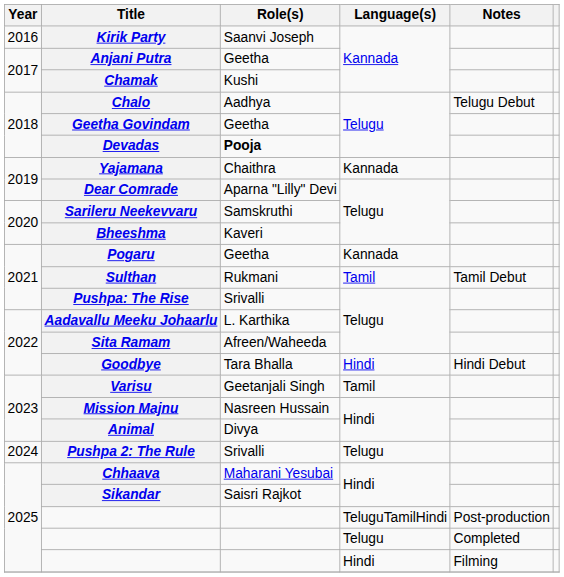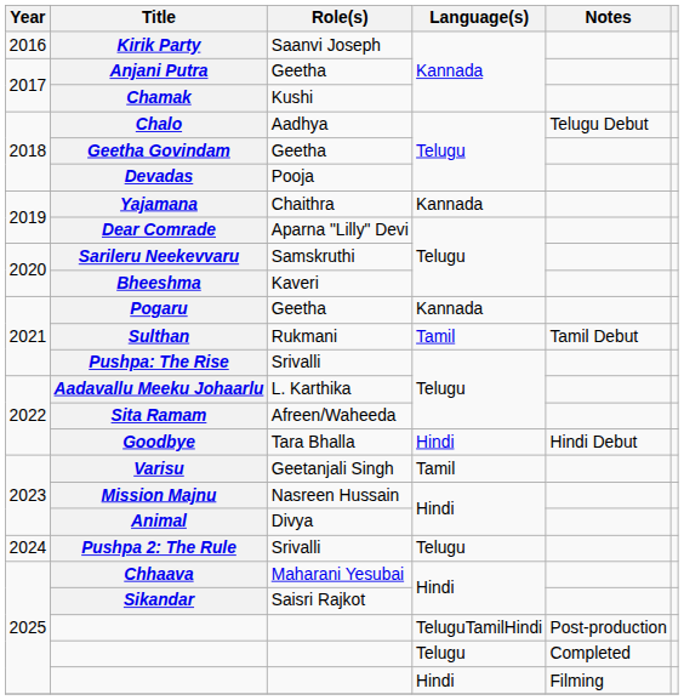 <table class="wikitable plainrowheaders sortable">
 <tr>
 <th>Year</th>
 <th>Title</th>
 <th>Role(s)</th>
 <th>Language(s)</th>
 <th class="unsortable">Notes</th>
 <th class="unsortable"></th>
 </tr>
 <tr>
 <td>2016</td>
 <th scope="row"><em><a href='#'>Kirik Party</a></em></th>
 <td>Saanvi Joseph</td>
 <td rowspan="3"><a href='#'>Kannada</a></td>
 <td></td>
 <td></td>
 </tr>
 <tr>
 <td rowspan="2">2017</td>
 <th scope="row"><em><a href='#'>Anjani Putra</a></em></th>
 <td>Geetha</td>
 <td></td>
 <td></td>
 </tr>
 <tr>
 <th scope="row"><em><a href='#'>Chamak</a></em></th>
 <td>Kushi</td>
 <td></td>
 <td></td>
 </tr>
 <tr>
 <td rowspan="3">2018</td>
 <th scope="row"><em><a href='#'>Chalo</a></em></th>
 <td>Aadhya</td>
 <td rowspan="3"><a href='#'>Telugu</a></td>
 <td>Telugu Debut</td>
 <td></td>
 </tr>
 <tr>
 <th scope="row"><em><a href='#'>Geetha Govindam</a></em></th>
 <td>Geetha</td>
 <td></td>
 <td></td>
 </tr>
 <tr>
 <th scope="row"><em><a href='#'>Devadas</a></em></th>
-<td><strong>Pooja</strong></td>
+<td>Pooja</td>
 <td></td>
 <td></td>
 </tr>
 <tr>
 <td rowspan="2">2019</td>
 <th scope="row"><em><a href='#'>Yajamana</a></em></th>
 <td>Chaithra</td>
 <td>Kannada</td>
 <td></td>
 <td></td>
 </tr>
 <tr>
 <th scope="row"><em><a href='#'>Dear Comrade</a></em></th>
 <td>Aparna "Lilly" Devi</td>
 <td rowspan="3">Telugu</td>
 <td></td>
 <td></td>
 </tr>
 <tr>
 <td rowspan="2">2020</td>
 <th scope="row"><em><a href='#'>Sarileru Neekevvaru</a></em></th>
 <td>Samskruthi</td>
 <td></td>
 <td></td>
 </tr>
 <tr>
 <th scope="row"><em><a href='#'>Bheeshma</a></em></th>
 <td>Kaveri</td>
 <td></td>
 <td></td>
 </tr>
 <tr>
 <td rowspan="3">2021</td>
 <th scope="row"><em><a href='#'>Pogaru</a></em></th>
 <td>Geetha</td>
 <td>Kannada</td>
 <td></td>
 <td></td>
 </tr>
 <tr>
 <th scope="row"><em><a href='#'>Sulthan</a></em></th>
 <td>Rukmani</td>
 <td><a href='#'>Tamil</a></td>
 <td>Tamil Debut</td>
 <td></td>
 </tr>
 <tr>
 <th scope="row"><em><a href='#'>Pushpa: The Rise</a> </em></th>
 <td>Srivalli</td>
 <td rowspan="3">Telugu</td>
 <td></td>
 <td></td>
 </tr>
 <tr>
 <td rowspan="3">2022</td>
 <th scope="row"><em><a href='#'>Aadavallu Meeku Johaarlu</a></em></th>
 <td>L. Karthika</td>
 <td></td>
 <td></td>
 </tr>
 <tr>
 <th scope="row"><em><a href='#'>Sita Ramam</a></em></th>
 <td>Afreen/Waheeda</td>
 <td></td>
 <td></td>
 </tr>
 <tr>
 <th scope="row"><em><a href='#'>Goodbye</a></em></th>
 <td>Tara Bhalla</td>
 <td><a href='#'>Hindi</a></td>
 <td>Hindi Debut</td>
 <td></td>
 </tr>
 <tr>
 <td rowspan="3">2023</td>
 <th scope="row"><em><a href='#'>Varisu</a></em></th>
 <td>Geetanjali Singh</td>
 <td>Tamil</td>
 <td></td>
 <td></td>
 </tr>
 <tr>
 <th scope="row"><em><a href='#'>Mission Majnu</a></em></th>
 <td>Nasreen Hussain</td>
 <td rowspan="2">Hindi</td>
 <td></td>
 <td></td>
 </tr>
 <tr>
 <th scope="row"><em><a href='#'>Animal</a></em></th>
 <td>Divya</td>
 <td></td>
 <td></td>
 </tr>
 <tr>
 <td>2024</td>
 <th scope="row"><em><a href='#'>Pushpa 2: The Rule</a></em></th>
 <td>Srivalli</td>
 <td>Telugu</td>
 <td></td>
 <td></td>
 </tr>
 <tr>
 <td rowspan="5">2025</td>
 <th scope="row"><em><a href='#'>Chhaava</a></em></th>
 <td><a href='#'>Maharani Yesubai</a></td>
 <td rowspan="2">Hindi</td>
 <td></td>
 <td></td>
 </tr>
 <tr>
 <th scope="row"><a href='#'><em>Sikandar</em></a></th>
 <td>Saisri Rajkot</td>
 <td></td>
 <td></td>
 </tr>
 <tr>
 <td></td>
 <td></td>
 <td>TeluguTamilHindi</td>
 <td>Post-production</td>
 <td></td>
 </tr>
 <tr>
 <td></td>
 <td></td>
 <td>Telugu</td>
 <td>Completed</td>
 <td></td>
 </tr>
 <tr>
 <td></td>
 <td></td>
 <td>Hindi</td>
 <td>Filming</td>
 <td></td>
 </tr>
 <tr>
 </tr>
 </table>
